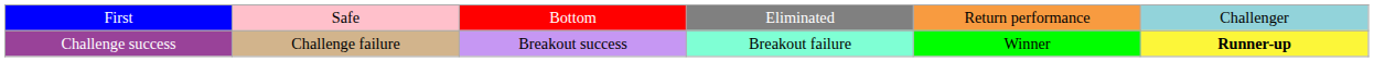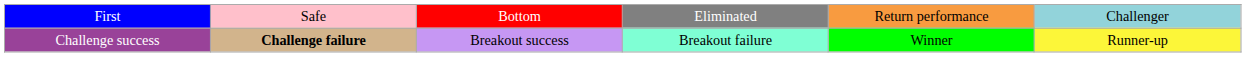 <table class="wikitable" style="text-align:center; font-size: 90%;">
 <tr>
 <td style="background:blue; color: white; width:7%">First</td>
 <td style="background:pink; width:7%">Safe</td>
 <td style="background:red; color:white; width:7%">Bottom</td>
 <td style="background:grey; color:white; width:7%">Eliminated</td>
 <td style="background:#F89B40; width:7%">Return performance</td>
 <td style="background:#92D3DA; width:7%">Challenger</td>
 </tr>
 <tr>
 <td style="background:#994299; color:white; width:7%">Challenge success</td>
-<td style="background:tan; width:7%">Challenge failure</td>
+<td style="background:tan; width:7%"><strong>Challenge failure</strong></td>
 <td style="background:#C697F3; width:7%">Breakout success</td>
 <td style="background:#7FFFD4; width:7%">Breakout failure</td>
 <td style="background:lime; width:7%">Winner</td>
-<td style="background:#FCF639; width:7%; color: black;"><strong>Runner-up</strong></td>
+<td style="background:#FCF639; width:7%; color: black;">Runner-up</td>
 </tr>
 </table>
